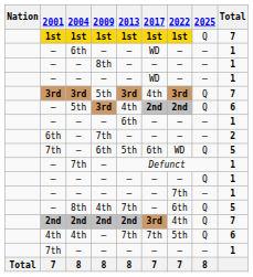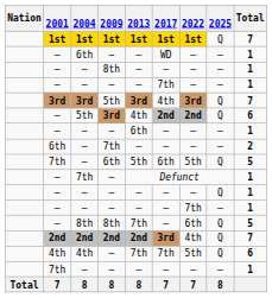 <table class="wikitable" style="text-align:center">
 <tr>
 <th>Nation</th>
 <th><br><a href='#'>2001</a></th>
 <th><br><a href='#'>2004</a></th>
 <th><br><a href='#'>2009</a></th>
 <th><br><a href='#'>2013</a></th>
 <th><br><a href='#'>2017</a></th>
 <th><br><a href='#'>2022</a></th>
 <th><br><a href='#'>2025</a></th>
 <th>Total</th>
 </tr>
 <tr>
 <td align=left></td>
 <td bgcolor=gold><strong>1st</strong></td>
 <td bgcolor=gold><strong>1st</strong></td>
 <td bgcolor=gold><strong>1st</strong></td>
 <td bgcolor=gold><strong>1st</strong></td>
 <td bgcolor=gold><strong>1st</strong></td>
 <td bgcolor=gold><strong>1st</strong></td>
 <td>Q</td>
 <td><strong>7</strong></td>
 </tr>
 <tr>
 <td align=left></td>
 <td>–</td>
 <td>6th</td>
 <td>–</td>
 <td>–</td>
 <td>WD</td>
 <td>–</td>
 <td>–</td>
 <td><strong>1</strong></td>
 </tr>
 <tr>
 <td align=left></td>
 <td>–</td>
 <td>–</td>
 <td>8th</td>
 <td>–</td>
 <td>–</td>
 <td>–</td>
 <td>–</td>
 <td><strong>1</strong></td>
 </tr>
 <tr>
 <td align=left></td>
 <td>–</td>
 <td>–</td>
 <td>–</td>
 <td>–</td>
-<td>WD</td>
+<td>7th</td>
 <td>–</td>
 <td>–</td>
 <td><strong>1</strong></td>
 </tr>
 <tr>
 <td align=left></td>
 <td bgcolor=#cc9966><strong>3rd</strong></td>
 <td bgcolor=#cc9966><strong>3rd</strong></td>
 <td>5th</td>
 <td bgcolor=#cc9966><strong>3rd</strong></td>
 <td>4th</td>
 <td bgcolor=cc9966><strong>3rd</strong></td>
 <td>Q</td>
 <td><strong>7</strong></td>
 </tr>
 <tr>
 <td align=left></td>
 <td>–</td>
 <td>5th</td>
 <td bgcolor=#cc9966><strong>3rd</strong></td>
 <td>4th</td>
 <td bgcolor=silver><strong>2nd</strong></td>
 <td bgcolor=silver><strong>2nd</strong></td>
 <td>Q</td>
 <td><strong>6</strong></td>
 </tr>
 <tr>
 <td align=left></td>
 <td>–</td>
 <td>–</td>
 <td>–</td>
 <td>6th</td>
 <td>–</td>
 <td>–</td>
 <td>–</td>
 <td><strong>1</strong></td>
 </tr>
 <tr>
 <td align=left></td>
 <td>6th</td>
 <td>–</td>
 <td>7th</td>
 <td>–</td>
 <td>–</td>
 <td>–</td>
 <td>–</td>
 <td><strong>2</strong></td>
 </tr>
 <tr>
 <td align=left></td>
 <td>7th</td>
 <td>–</td>
 <td>6th</td>
 <td>5th</td>
 <td>6th</td>
-<td>WD</td>
+<td>5th</td>
 <td>Q</td>
 <td><strong>5</strong></td>
 </tr>
 <tr>
 <td align=left></td>
 <td>–</td>
 <td>7th</td>
 <td>–</td>
 <td colspan=4><em>Defunct</em></td>
 <td><strong>1</strong></td>
 </tr>
 <tr>
 <td align=left></td>
 <td>–</td>
 <td>–</td>
 <td>–</td>
 <td>–</td>
 <td>–</td>
 <td>–</td>
 <td>Q</td>
 <td><strong>1</strong></td>
 </tr>
 <tr>
 <td align=left></td>
 <td>–</td>
 <td>–</td>
 <td>–</td>
 <td>–</td>
 <td>–</td>
 <td>7th</td>
 <td>–</td>
 <td><strong>1</strong></td>
 </tr>
 <tr>
 <td align=left></td>
 <td>–</td>
 <td>8th</td>
-<td>4th</td>
+<td>8th</td>
 <td>7th</td>
 <td>–</td>
 <td>6th</td>
 <td>Q</td>
 <td><strong>5</strong></td>
 </tr>
 <tr>
 <td align=left></td>
 <td bgcolor=silver><strong>2nd</strong></td>
 <td bgcolor=silver><strong>2nd</strong></td>
 <td bgcolor=silver><strong>2nd</strong></td>
 <td bgcolor=silver><strong>2nd</strong></td>
 <td bgcolor=#cc9966><strong>3rd</strong></td>
 <td>4th</td>
 <td>Q</td>
 <td><strong>7</strong></td>
 </tr>
 <tr>
 <td align=left></td>
 <td>4th</td>
 <td>4th</td>
 <td>–</td>
 <td>7th</td>
 <td>7th</td>
 <td>5th</td>
 <td>Q</td>
 <td><strong>6</strong></td>
 </tr>
 <tr>
 <td align=left></td>
 <td>7th</td>
 <td>–</td>
 <td>–</td>
 <td>–</td>
 <td>–</td>
 <td>–</td>
 <td>–</td>
 <td><strong>1</strong></td>
 </tr>
 <tr>
 <th>Total</th>
 <th>7</th>
 <th>8</th>
 <th>8</th>
 <th>8</th>
 <th>7</th>
 <th>7</th>
 <th>8</th>
 <th></th>
 </tr>
 </table>
